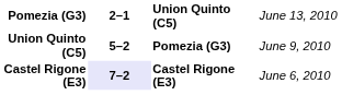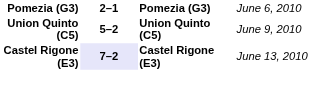 <table width="100%" cellspacing="1">
 <tr>
 <th width="20%"></th>
 <th width="12%"></th>
 <th width="20%"></th>
 <th width="20%'"></th>
 <th></th>
 </tr>
 <tr style="font-size:90%;">
 <td align="right"><strong>Pomezia (G3)</strong></td>
 <td align="center"><strong>2–1</strong></td>
-<td align="left"><strong>Union Quinto (C5)</strong></td>
-<td align="left"><em>June 13, 2010</em></td>
+<td align="left"><strong>Pomezia (G3)</strong></td>
+<td align="left"><em>June 6, 2010</em></td>
 </tr>
 <tr style="font-size:90%;">
 <td align="right"><strong>Union Quinto (C5)</strong></td>
 <td align="center"><strong>5–2</strong></td>
-<td align="left"><strong>Pomezia (G3)</strong></td>
+<td align="left"><strong>Union Quinto (C5)</strong></td>
 <td align="left"><em>June 9, 2010</em></td>
 </tr>
 <tr style="font-size:90%;">
 <td align="right"><strong>Castel Rigone (E3)</strong></td>
 <td align="center" style="background: lavender;"><strong>7–2</strong></td>
 <td align="left"><strong>Castel Rigone (E3)</strong></td>
-<td align="left"><em>June 6, 2010</em></td>
+<td align="left"><em>June 13, 2010</em></td>
 </tr>
 </table>
